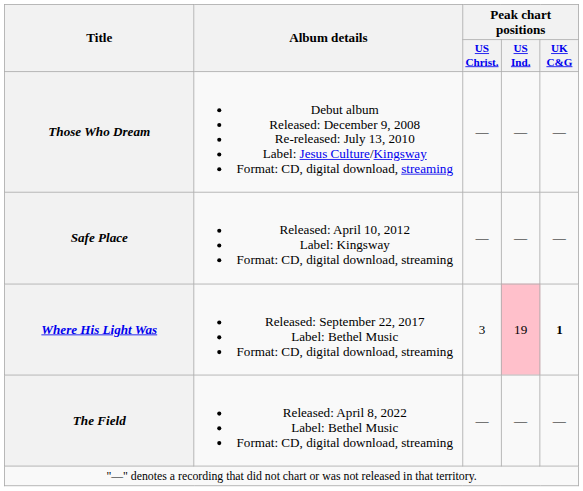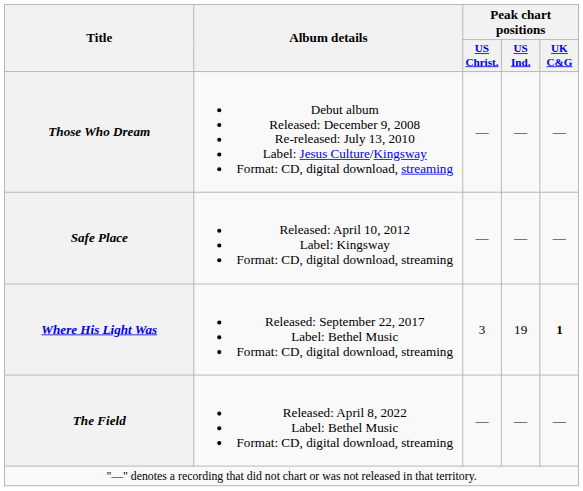 <table class="wikitable plainrowheaders" style="text-align:center;">
 <tr>
 <th scope="col" rowspan="2" style="width:14em;">Title</th>
 <th scope="col" rowspan="2" style="width:20em;">Album details</th>
 <th scope="col" colspan="4">Peak chart positions</th>
 </tr>
 <tr>
 <th scope="col" style="width:3em;font-size:85%;"><a href='#'>US<br>Christ.</a><br></th>
 <th scope="col" style="width:3em;font-size:85%;"><a href='#'>US<br>Ind.</a><br></th>
 <th scope="col" style="width:3em;font-size:85%;"><a href='#'>UK<br>C&G</a></th>
 </tr>
 <tr>
 <th scope="row"><em>Those Who Dream</em></th>
 <td><br><ul><li>Debut album</li><li>Released: December 9, 2008</li><li>Re-released: July 13, 2010</li><li>Label: <a href='#'>Jesus Culture</a>/<a href='#'>Kingsway</a></li><li>Format: CD, digital download, <a href='#'>streaming</a></li></ul></td>
 <td>—</td>
 <td>—</td>
 <td>—</td>
 </tr>
 <tr>
 <th scope="row"><em>Safe Place</em></th>
 <td><br><ul><li>Released: April 10, 2012</li><li>Label: Kingsway</li><li>Format: CD, digital download, streaming</li></ul></td>
 <td>—</td>
 <td>—</td>
 <td>—</td>
 </tr>
 <tr>
 <th scope="row"><em><a href='#'>Where His Light Was</a></em></th>
 <td><br><ul><li>Released: September 22, 2017</li><li>Label: Bethel Music</li><li>Format: CD, digital download, streaming</li></ul></td>
 <td>3</td>
-<td style="background: pink;">19</td>
+<td>19</td>
 <td><strong>1</strong></td>
 </tr>
 <tr>
 <th scope="row"><em>The Field</em></th>
 <td><br><ul><li>Released: April 8, 2022</li><li>Label: Bethel Music</li><li>Format: CD, digital download, streaming</li></ul></td>
 <td>—</td>
 <td>—</td>
 <td>—</td>
 </tr>
 <tr>
 <td colspan="8" style="font-size:90%">"—" denotes a recording that did not chart or was not released in that territory.</td>
 </tr>
 </table>
